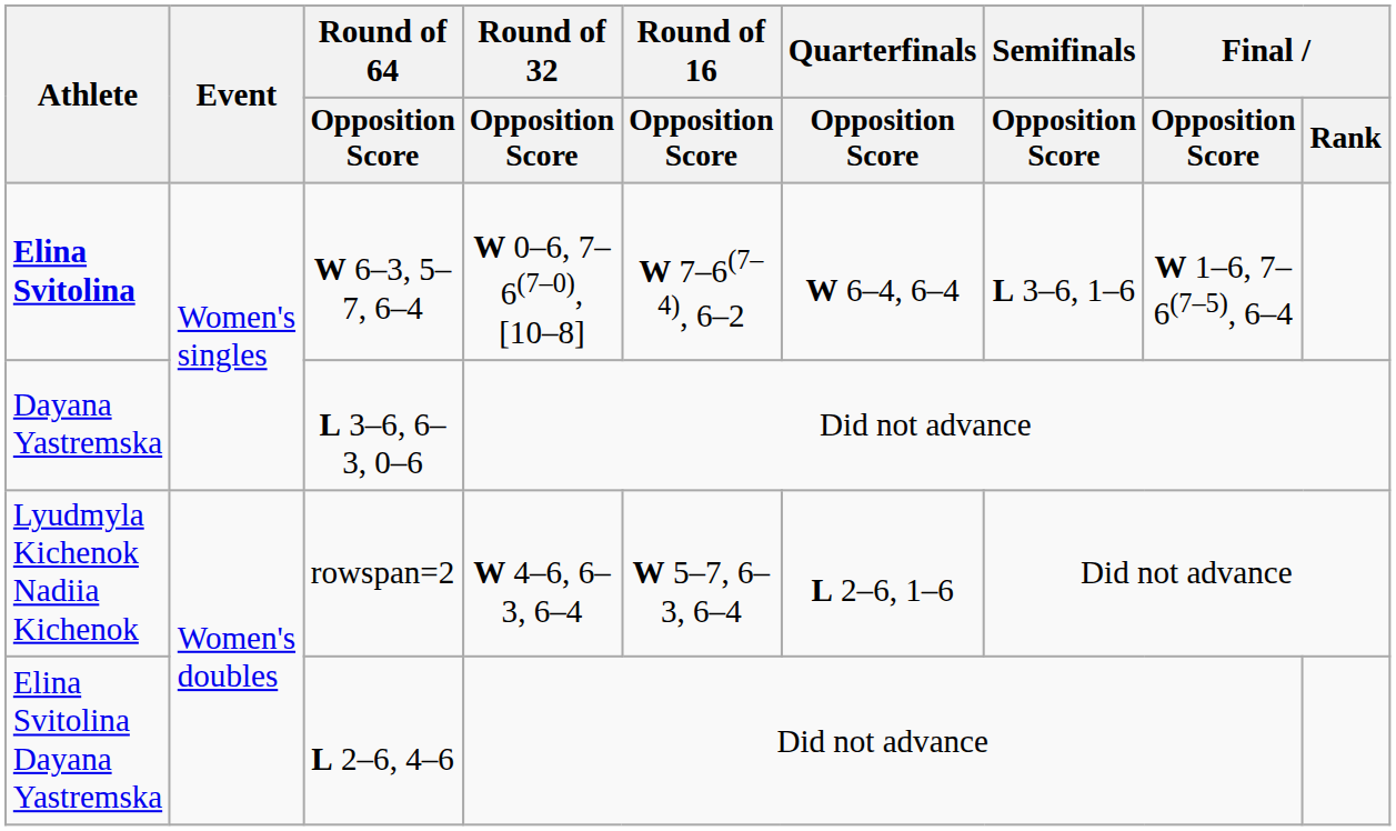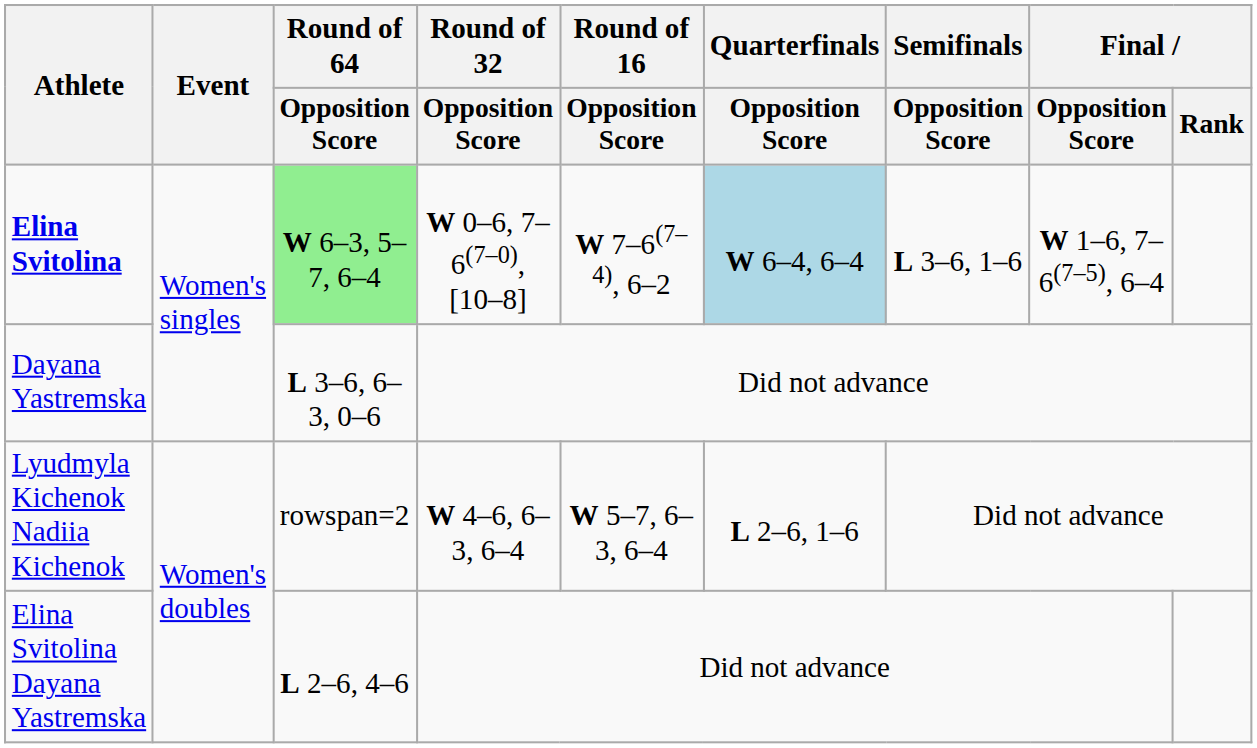 <table class=wikitable style="font-size:90%">
 <tr>
 <th rowspan="2">Athlete</th>
 <th rowspan="2">Event</th>
 <th>Round of 64</th>
 <th>Round of 32</th>
 <th>Round of 16</th>
 <th>Quarterfinals</th>
 <th>Semifinals</th>
 <th colspan=2>Final / </th>
 </tr>
 <tr style="font-size:95%">
 <th>Opposition<br>Score</th>
 <th>Opposition<br>Score</th>
 <th>Opposition<br>Score</th>
 <th>Opposition<br>Score</th>
 <th>Opposition<br>Score</th>
 <th>Opposition<br>Score</th>
 <th>Rank</th>
 </tr>
 <tr align=center>
 <td align=left><strong><a href='#'>Elina Svitolina</a></strong></td>
 <td rowspan="2" align="left"><a href='#'>Women's singles</a></td>
-<td><br><strong>W</strong> 6–3, 5–7, 6–4</td>
+<td style="background: lightgreen;"><br><strong>W</strong> 6–3, 5–7, 6–4</td>
 <td><br><strong>W</strong> 0–6, 7–6<sup>(7–0)</sup>, [10–8]</td>
 <td><br><strong>W</strong> 7–6<sup>(7–4)</sup>, 6–2</td>
-<td><br><strong>W</strong> 6–4, 6–4</td>
+<td style="background: lightblue;"><br><strong>W</strong> 6–4, 6–4</td>
 <td><br><strong>L</strong> 3–6, 1–6</td>
 <td><br><strong>W</strong> 1–6, 7–6<sup>(7–5)</sup>, 6–4</td>
 <td></td>
 </tr>
 <tr align=center>
 <td align=left><a href='#'>Dayana Yastremska</a></td>
 <td><br><strong>L</strong> 3–6, 6–3, 0–6</td>
 <td colspan=6>Did not advance</td>
 </tr>
 <tr align="center">
 <td align="left"><a href='#'>Lyudmyla Kichenok</a><br><a href='#'>Nadiia Kichenok</a></td>
 <td align="left" rowspan=2><a href='#'>Women's doubles</a></td>
 <td>rowspan=2 </td>
 <td><br><strong>W</strong> 4–6, 6–3, 6–4</td>
 <td><br><strong>W</strong> 5–7, 6–3, 6–4</td>
 <td><br><strong>L</strong> 2–6, 1–6</td>
 <td colspan=3>Did not advance</td>
 </tr>
 <tr align="center">
 <td align="left"><a href='#'>Elina Svitolina</a><br><a href='#'>Dayana Yastremska</a></td>
 <td><br><strong>L</strong> 2–6, 4–6</td>
 <td colspan=5>Did not advance</td>
 </tr>
 </table>
